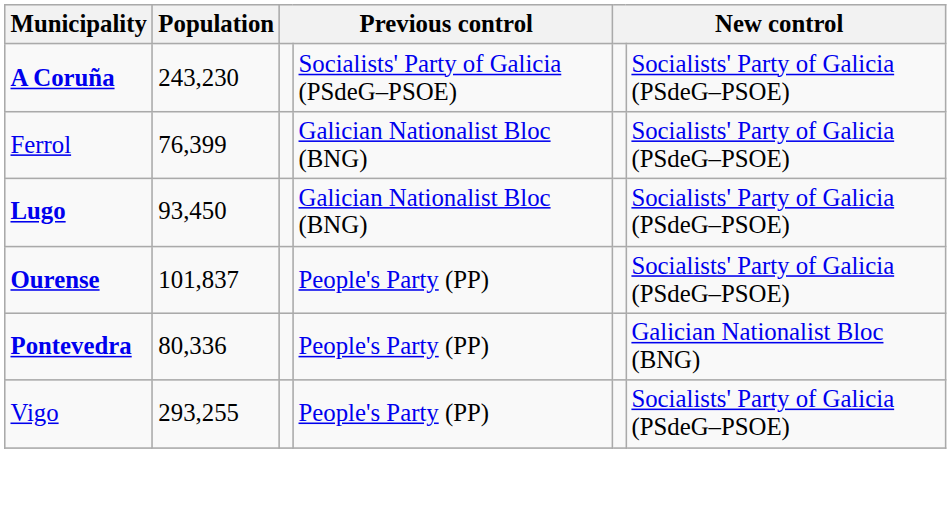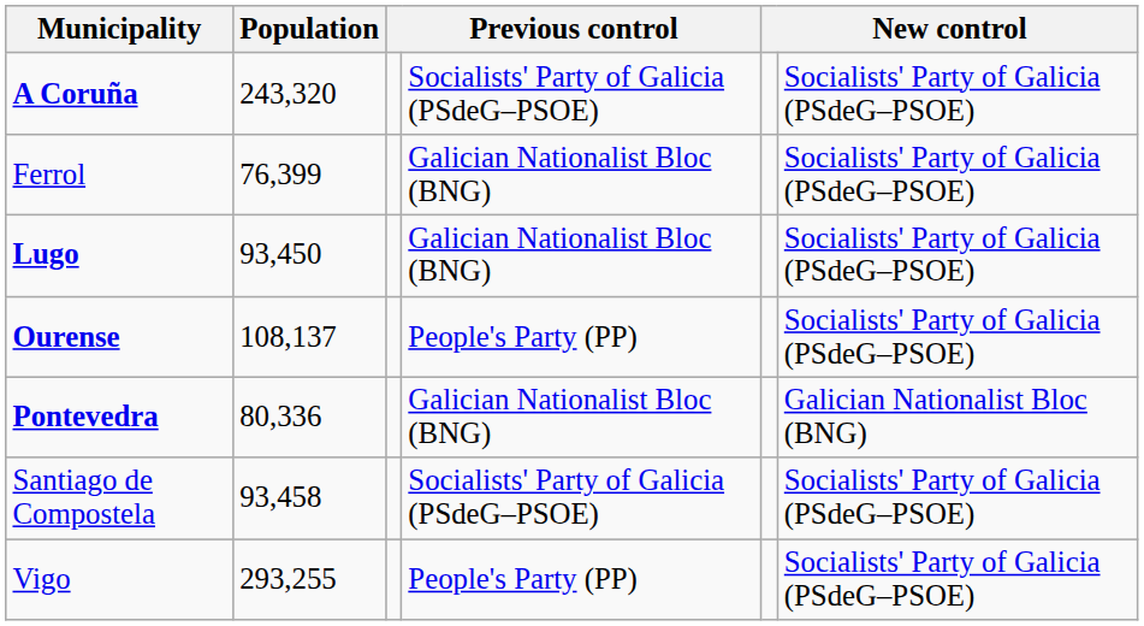 <table class="wikitable sortable">
 <tr>
 <th>Municipality</th>
 <th>Population</th>
 <th colspan="2" style="width:375px;">Previous control</th>
 <th colspan="2" style="width:375px;">New control</th>
 </tr>
 <tr>
 <td><strong><a href='#'>A Coruña</a></strong></td>
-<td>243,230</td>
+<td>243,320</td>
 <td width="1" style="color:inherit;background:"></td>
 <td><a href='#'>Socialists' Party of Galicia</a> (PSdeG–PSOE)</td>
 <td width="1" style="color:inherit;background:"></td>
 <td><a href='#'>Socialists' Party of Galicia</a> (PSdeG–PSOE)</td>
 </tr>
 <tr>
 <td><a href='#'>Ferrol</a></td>
 <td>76,399</td>
 <td style="color:inherit;background:"></td>
 <td><a href='#'>Galician Nationalist Bloc</a> (BNG)</td>
 <td style="color:inherit;background:"></td>
 <td><a href='#'>Socialists' Party of Galicia</a> (PSdeG–PSOE)</td>
 </tr>
 <tr>
 <td><strong><a href='#'>Lugo</a></strong></td>
 <td>93,450</td>
 <td style="color:inherit;background:"></td>
 <td><a href='#'>Galician Nationalist Bloc</a> (BNG)</td>
 <td style="color:inherit;background:"></td>
 <td><a href='#'>Socialists' Party of Galicia</a> (PSdeG–PSOE)</td>
 </tr>
 <tr>
 <td><strong><a href='#'>Ourense</a></strong></td>
-<td>101,837</td>
+<td>108,137</td>
 <td style="color:inherit;background:"></td>
 <td><a href='#'>People's Party</a> (PP)</td>
 <td style="color:inherit;background:"></td>
 <td><a href='#'>Socialists' Party of Galicia</a> (PSdeG–PSOE)</td>
 </tr>
 <tr>
 <td><strong><a href='#'>Pontevedra</a></strong></td>
 <td>80,336</td>
 <td style="color:inherit;background:"></td>
-<td><a href='#'>People's Party</a> (PP)</td>
+<td><a href='#'>Galician Nationalist Bloc</a> (BNG)</td>
 <td style="color:inherit;background:"></td>
 <td><a href='#'>Galician Nationalist Bloc</a> (BNG)</td>
+</tr>
+<tr>
+<td><a href='#'>Santiago de Compostela</a></td>
+<td>93,458</td>
+<td style="color:inherit;background:"></td>
+<td><a href='#'>Socialists' Party of Galicia</a> (PSdeG–PSOE)</td>
+<td style="color:inherit;background:"></td>
+<td><a href='#'>Socialists' Party of Galicia</a> (PSdeG–PSOE)</td>
 </tr>
 <tr>
 <td><a href='#'>Vigo</a></td>
 <td>293,255</td>
 <td style="color:inherit;background:"></td>
 <td><a href='#'>People's Party</a> (PP)</td>
 <td style="color:inherit;background:"></td>
 <td><a href='#'>Socialists' Party of Galicia</a> (PSdeG–PSOE)</td>
 </tr>
 </table>
